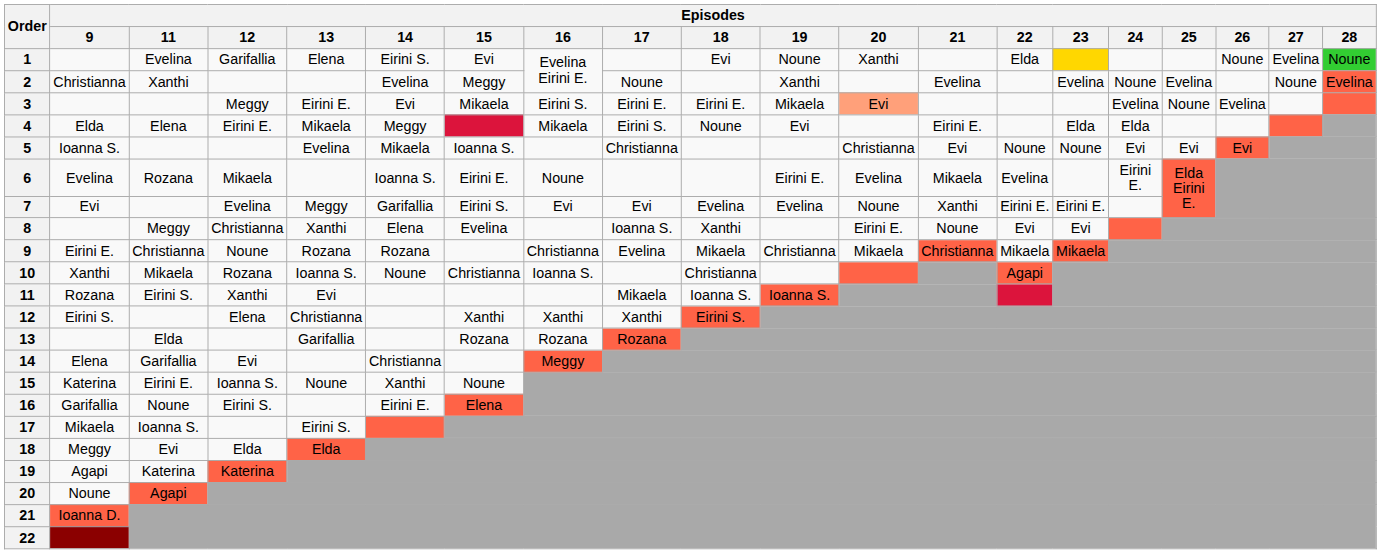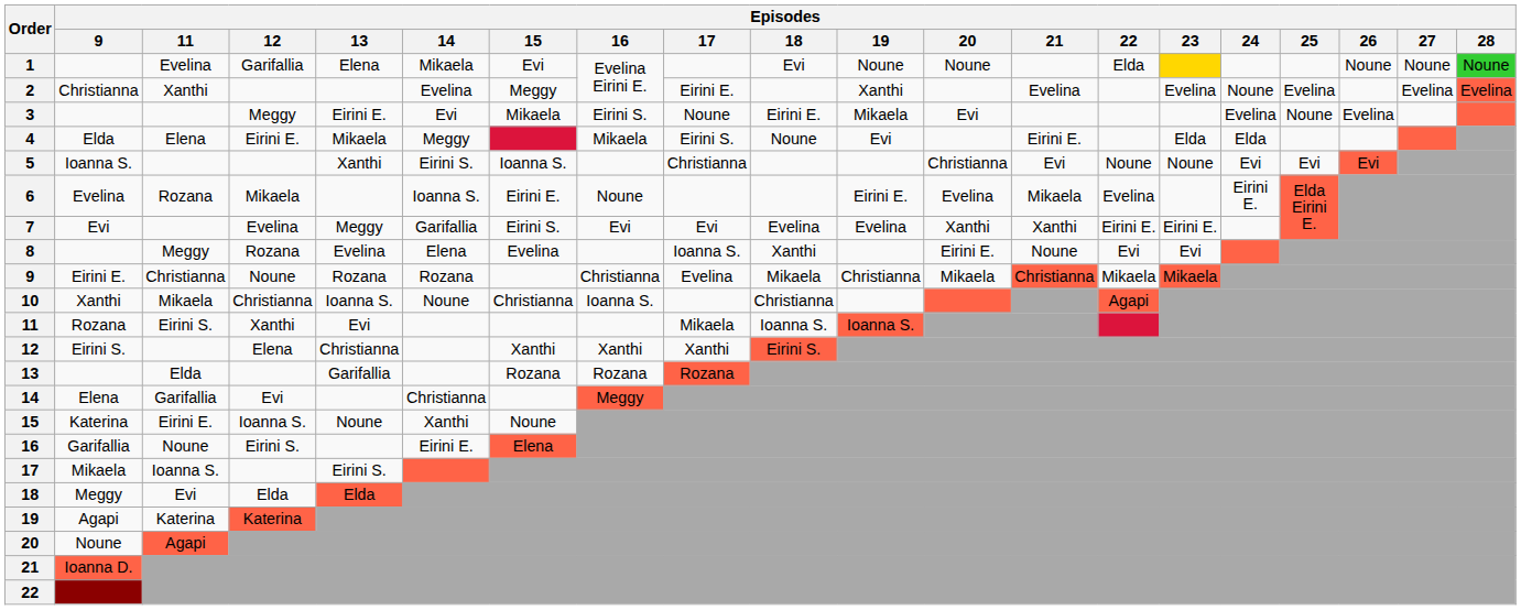 <table class="wikitable" style="text-align:center; font-size:93%;">
 <tr>
 <th rowspan=2>Order</th>
 <th colspan=19>Episodes</th>
 </tr>
 <tr>
 <th>9</th>
 <th>11</th>
 <th>12</th>
 <th>13</th>
 <th>14</th>
 <th>15</th>
 <th>16</th>
 <th>17</th>
 <th>18</th>
 <th>19</th>
 <th>20</th>
 <th>21</th>
 <th>22</th>
 <th>23</th>
 <th>24</th>
 <th>25</th>
 <th>26</th>
 <th>27</th>
 <th>28</th>
 </tr>
 <tr>
 <th>1</th>
 <td></td>
 <td>Evelina</td>
 <td>Garifallia</td>
 <td>Elena</td>
-<td>Eirini S.</td>
+<td>Mikaela</td>
 <td>Evi</td>
 <td rowspan="2">Evelina<br>Eirini E.</td>
 <td></td>
 <td>Evi</td>
 <td>Noune</td>
-<td>Xanthi</td>
+<td>Noune</td>
 <td></td>
 <td>Elda</td>
 <td bgcolor="gold"></td>
 <td></td>
 <td></td>
 <td>Noune</td>
-<td>Evelina</td>
+<td>Noune</td>
 <td bgcolor="limegreen">Noune</td>
 </tr>
 <tr>
 <th>2</th>
 <td>Christianna</td>
 <td>Xanthi</td>
 <td></td>
 <td></td>
 <td>Evelina</td>
 <td>Meggy</td>
-<td>Noune</td>
+<td>Eirini E.</td>
 <td></td>
 <td>Xanthi</td>
 <td></td>
 <td>Evelina</td>
 <td></td>
 <td>Evelina</td>
 <td>Noune</td>
 <td>Evelina</td>
 <td></td>
-<td>Noune</td>
+<td>Evelina</td>
 <td bgcolor="tomato">Evelina</td>
 </tr>
 <tr>
 <th>3</th>
 <td></td>
 <td></td>
 <td>Meggy</td>
 <td>Eirini E.</td>
 <td>Evi</td>
 <td>Mikaela</td>
 <td>Eirini S.</td>
-<td>Eirini E.</td>
+<td>Noune</td>
 <td>Eirini E.</td>
 <td>Mikaela</td>
-<td style="background: lightsalmon;">Evi</td>
+<td>Evi</td>
 <td></td>
 <td></td>
 <td></td>
 <td>Evelina</td>
 <td>Noune</td>
 <td>Evelina</td>
 <td></td>
 <td bgcolor="tomato"></td>
 </tr>
 <tr>
 <th>4</th>
 <td>Elda</td>
 <td>Elena</td>
 <td>Eirini E.</td>
 <td>Mikaela</td>
 <td>Meggy</td>
 <td bgcolor="crimson"></td>
 <td>Mikaela</td>
 <td>Eirini S.</td>
 <td>Noune</td>
 <td>Evi</td>
 <td></td>
 <td>Eirini E.</td>
 <td></td>
 <td>Elda</td>
 <td>Elda</td>
 <td></td>
 <td></td>
 <td bgcolor="tomato"></td>
 <td colspan=1 bgcolor="darkgrey"></td>
 </tr>
 <tr>
 <th>5</th>
 <td>Ioanna S.</td>
 <td></td>
 <td></td>
-<td>Evelina</td>
-<td>Mikaela</td>
+<td>Xanthi</td>
+<td>Eirini S.</td>
 <td>Ioanna S.</td>
 <td></td>
 <td>Christianna</td>
 <td></td>
 <td></td>
 <td>Christianna</td>
 <td>Evi</td>
 <td>Noune</td>
 <td>Noune</td>
 <td>Evi</td>
 <td>Evi</td>
 <td bgcolor="tomato">Evi</td>
 <td colspan=2 bgcolor="darkgrey"></td>
 </tr>
 <tr>
 <th>6</th>
 <td>Evelina</td>
 <td>Rozana</td>
 <td>Mikaela</td>
 <td></td>
 <td>Ioanna S.</td>
 <td>Eirini E.</td>
 <td>Noune</td>
 <td></td>
 <td></td>
 <td>Eirini E.</td>
 <td>Evelina</td>
 <td>Mikaela</td>
 <td>Evelina</td>
 <td></td>
 <td>Eirini E.</td>
 <td rowspan="2" bgcolor="tomato">Elda<br>Eirini E.</td>
 <td rowspan="2" colspan=3 bgcolor="darkgrey"></td>
 </tr>
 <tr>
 <th>7</th>
 <td>Evi</td>
 <td></td>
 <td>Evelina</td>
 <td>Meggy</td>
 <td>Garifallia</td>
 <td>Eirini S.</td>
 <td>Evi</td>
 <td>Evi</td>
 <td>Evelina</td>
 <td>Evelina</td>
-<td>Noune</td>
+<td>Xanthi</td>
 <td>Xanthi</td>
 <td>Eirini E.</td>
 <td>Eirini E.</td>
 <td></td>
 </tr>
 <tr>
 <th>8</th>
 <td></td>
 <td>Meggy</td>
-<td>Christianna</td>
-<td>Xanthi</td>
+<td>Rozana</td>
+<td>Evelina</td>
 <td>Elena</td>
 <td>Evelina</td>
 <td></td>
 <td>Ioanna S.</td>
 <td>Xanthi</td>
 <td></td>
 <td>Eirini E.</td>
 <td>Noune</td>
 <td>Evi</td>
 <td>Evi</td>
 <td bgcolor="tomato"></td>
 <td colspan=4 bgcolor="darkgrey"></td>
 </tr>
 <tr>
 <th>9</th>
 <td>Eirini E.</td>
 <td>Christianna</td>
 <td>Noune</td>
 <td>Rozana</td>
 <td>Rozana</td>
 <td></td>
 <td>Christianna</td>
 <td>Evelina</td>
 <td>Mikaela</td>
 <td>Christianna</td>
 <td>Mikaela</td>
 <td bgcolor="tomato">Christianna</td>
 <td>Mikaela</td>
 <td bgcolor="tomato">Mikaela</td>
 <td colspan=5 bgcolor="darkgrey"></td>
 </tr>
 <tr>
 <th>10</th>
 <td>Xanthi</td>
 <td>Mikaela</td>
-<td>Rozana</td>
+<td>Christianna</td>
 <td>Ioanna S.</td>
 <td>Noune</td>
 <td>Christianna</td>
 <td>Ioanna S.</td>
 <td></td>
 <td>Christianna</td>
 <td></td>
 <td bgcolor="tomato"></td>
 <td colspan=1 bgcolor="darkgrey"></td>
 <td bgcolor="tomato">Agapi</td>
 <td rowspan="2" colspan=6 bgcolor="darkgrey"></td>
 </tr>
 <tr>
 <th>11</th>
 <td>Rozana</td>
 <td>Eirini S.</td>
 <td>Xanthi</td>
 <td>Evi</td>
 <td></td>
 <td></td>
 <td></td>
 <td>Mikaela</td>
 <td>Ioanna S.</td>
 <td bgcolor="tomato">Ioanna S.</td>
 <td colspan=2 bgcolor="darkgrey"></td>
 <td bgcolor="crimson"></td>
 </tr>
 <tr>
 <th>12</th>
 <td>Eirini S.</td>
 <td></td>
 <td>Elena</td>
 <td>Christianna</td>
 <td></td>
 <td>Xanthi</td>
 <td>Xanthi</td>
 <td>Xanthi</td>
 <td bgcolor="tomato">Eirini S.</td>
 <td colspan=10 bgcolor="darkgrey"></td>
 </tr>
 <tr>
 <th>13</th>
 <td></td>
 <td>Elda</td>
 <td></td>
 <td>Garifallia</td>
 <td></td>
 <td>Rozana</td>
 <td>Rozana</td>
 <td bgcolor="tomato">Rozana</td>
 <td colspan=11 bgcolor="darkgrey"></td>
 </tr>
 <tr>
 <th>14</th>
 <td>Elena</td>
 <td>Garifallia</td>
 <td>Evi</td>
 <td></td>
 <td>Christianna</td>
 <td></td>
 <td bgcolor="tomato">Meggy</td>
 <td colspan=12 bgcolor="darkgrey"></td>
 </tr>
 <tr>
 <th>15</th>
 <td>Katerina</td>
 <td>Eirini E.</td>
 <td>Ioanna S.</td>
 <td>Noune</td>
 <td>Xanthi</td>
 <td>Noune</td>
 <td rowspan="2" colspan=13 bgcolor="darkgrey"></td>
 </tr>
 <tr>
 <th>16</th>
 <td>Garifallia</td>
 <td>Noune</td>
 <td>Eirini S.</td>
 <td></td>
 <td>Eirini E.</td>
 <td bgcolor="tomato">Elena</td>
 </tr>
 <tr>
 <th>17</th>
 <td>Mikaela</td>
 <td>Ioanna S.</td>
 <td></td>
 <td>Eirini S.</td>
 <td bgcolor="tomato"></td>
 <td colspan=14 bgcolor="darkgrey"></td>
 </tr>
 <tr>
 <th>18</th>
 <td>Meggy</td>
 <td>Evi</td>
 <td>Elda</td>
 <td bgcolor="tomato">Elda</td>
 <td colspan=15 bgcolor="darkgrey"></td>
 </tr>
 <tr>
 <th>19</th>
 <td>Agapi</td>
 <td>Katerina</td>
 <td bgcolor="tomato">Katerina</td>
 <td colspan=16 bgcolor="darkgrey"></td>
 </tr>
 <tr>
 <th>20</th>
 <td>Noune</td>
 <td bgcolor="tomato">Agapi</td>
 <td colspan=17 bgcolor="darkgrey"></td>
 </tr>
 <tr>
 <th>21</th>
 <td bgcolor="tomato">Ioanna D.</td>
 <td rowspan="2" colspan=18 bgcolor="darkgrey"></td>
 </tr>
 <tr>
 <th>22</th>
 <td bgcolor="darkred"></td>
 </tr>
 </table>
